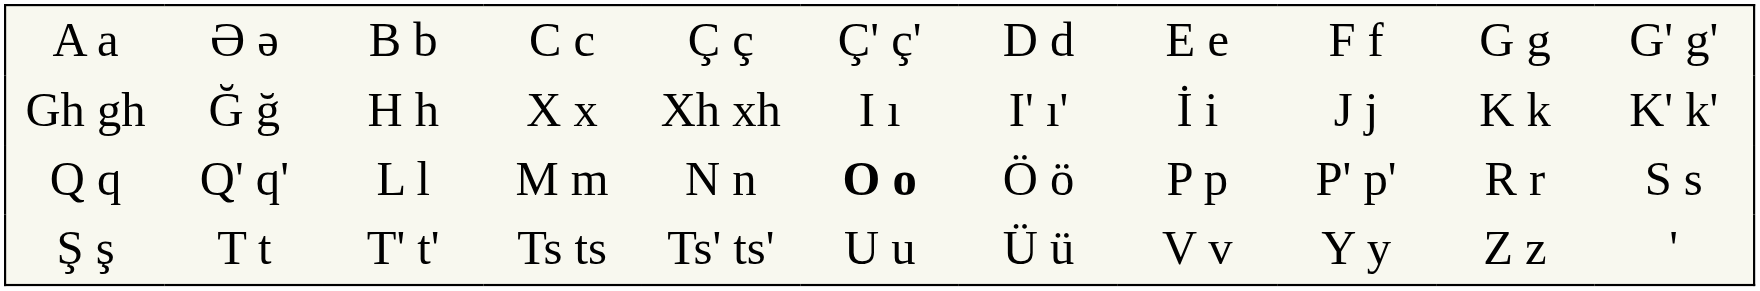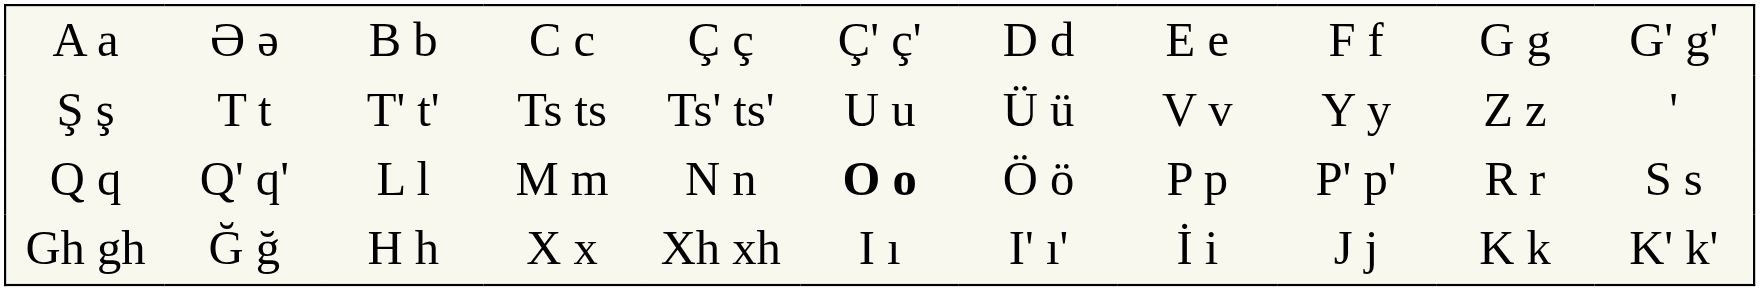 <table style="font-family:Arial Unicode MS; font-size:1.4em; border-color:#000000; border-width:1px; border-style:solid; border-collapse:collapse; background-color:#F8F8EF">
 <tr>
 <td style="width:3em; text-align:center; padding: 3px;">A a</td>
 <td style="width:3em; text-align:center; padding: 3px;">Ә ә</td>
 <td style="width:3em; text-align:center; padding: 3px;">B b</td>
 <td style="width:3em; text-align:center; padding: 3px;">C c</td>
 <td style="width:3em; text-align:center; padding: 3px;">Ç ç</td>
 <td style="width:3em; text-align:center; padding: 3px;">Ç' ç'</td>
 <td style="width:3em; text-align:center; padding: 3px;">D d</td>
 <td style="width:3em; text-align:center; padding: 3px;">E e</td>
 <td style="width:3em; text-align:center; padding: 3px;">F f</td>
 <td style="width:3em; text-align:center; padding: 3px;">G g</td>
 <td style="width:3em; text-align:center; padding: 3px;">G' g'</td>
 </tr>
 <tr>
-<td style="width:3em; text-align:center; padding: 3px;">Gh gh</td>
-<td style="width:3em; text-align:center; padding: 3px;">Ğ ğ</td>
-<td style="width:3em; text-align:center; padding: 3px;">H h</td>
-<td style="width:3em; text-align:center; padding: 3px;">X x</td>
-<td style="width:3em; text-align:center; padding: 3px;">Xh xh</td>
-<td style="width:3em; text-align:center; padding: 3px;">I ı</td>
-<td style="width:3em; text-align:center; padding: 3px;">I' ı'</td>
-<td style="width:3em; text-align:center; padding: 3px;">İ i</td>
-<td style="width:3em; text-align:center; padding: 3px;">J j</td>
-<td style="width:3em; text-align:center; padding: 3px;">K k</td>
-<td style="width:3em; text-align:center; padding: 3px;">K' k'</td>
+<td style="width:3em; text-align:center; padding: 3px;">Ş ş</td>
+<td style="width:3em; text-align:center; padding: 3px;">T t</td>
+<td style="width:3em; text-align:center; padding: 3px;">T' t'</td>
+<td style="width:3em; text-align:center; padding: 3px;">Ts ts</td>
+<td style="width:3em; text-align:center; padding: 3px;">Ts' ts'</td>
+<td style="width:3em; text-align:center; padding: 3px;">U u</td>
+<td style="width:3em; text-align:center; padding: 3px;">Ü ü</td>
+<td style="width:3em; text-align:center; padding: 3px;">V v</td>
+<td style="width:3em; text-align:center; padding: 3px;">Y y</td>
+<td style="width:3em; text-align:center; padding: 3px;">Z z</td>
+<td style="width:3em; text-align:center; padding: 3px;">'</td>
 </tr>
 <tr>
 <td style="width:3em; text-align:center; padding: 3px;">Q q</td>
 <td style="width:3em; text-align:center; padding: 3px;">Q' q'</td>
 <td style="width:3em; text-align:center; padding: 3px;">L l</td>
 <td style="width:3em; text-align:center; padding: 3px;">M m</td>
 <td style="width:3em; text-align:center; padding: 3px;">N n</td>
 <td style="width:3em; text-align:center; padding: 3px;"><strong>O o</strong></td>
 <td style="width:3em; text-align:center; padding: 3px;">Ö ö</td>
 <td style="width:3em; text-align:center; padding: 3px;">P p</td>
 <td style="width:3em; text-align:center; padding: 3px;">P' p'</td>
 <td style="width:3em; text-align:center; padding: 3px;">R r</td>
 <td style="width:3em; text-align:center; padding: 3px;">S s</td>
 </tr>
 <tr>
-<td style="width:3em; text-align:center; padding: 3px;">Ş ş</td>
-<td style="width:3em; text-align:center; padding: 3px;">T t</td>
-<td style="width:3em; text-align:center; padding: 3px;">T' t'</td>
-<td style="width:3em; text-align:center; padding: 3px;">Ts ts</td>
-<td style="width:3em; text-align:center; padding: 3px;">Ts' ts'</td>
-<td style="width:3em; text-align:center; padding: 3px;">U u</td>
-<td style="width:3em; text-align:center; padding: 3px;">Ü ü</td>
-<td style="width:3em; text-align:center; padding: 3px;">V v</td>
-<td style="width:3em; text-align:center; padding: 3px;">Y y</td>
-<td style="width:3em; text-align:center; padding: 3px;">Z z</td>
-<td style="width:3em; text-align:center; padding: 3px;">'</td>
+<td style="width:3em; text-align:center; padding: 3px;">Gh gh</td>
+<td style="width:3em; text-align:center; padding: 3px;">Ğ ğ</td>
+<td style="width:3em; text-align:center; padding: 3px;">H h</td>
+<td style="width:3em; text-align:center; padding: 3px;">X x</td>
+<td style="width:3em; text-align:center; padding: 3px;">Xh xh</td>
+<td style="width:3em; text-align:center; padding: 3px;">I ı</td>
+<td style="width:3em; text-align:center; padding: 3px;">I' ı'</td>
+<td style="width:3em; text-align:center; padding: 3px;">İ i</td>
+<td style="width:3em; text-align:center; padding: 3px;">J j</td>
+<td style="width:3em; text-align:center; padding: 3px;">K k</td>
+<td style="width:3em; text-align:center; padding: 3px;">K' k'</td>
 </tr>
 </table>
